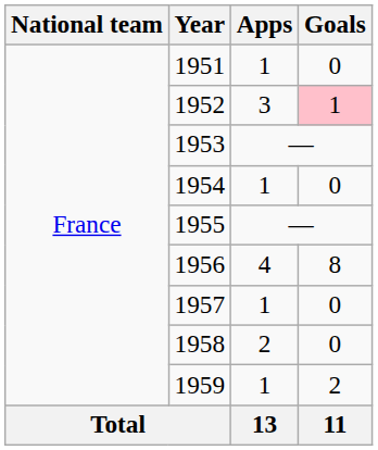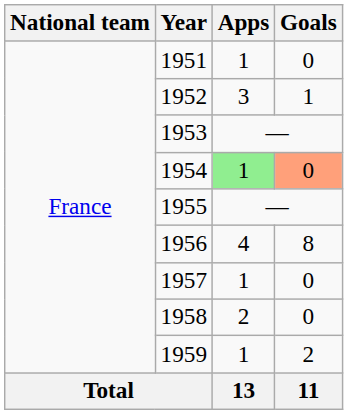 <table class="wikitable" style="text-align:center">
 <tr>
 <th>National team</th>
 <th>Year</th>
 <th>Apps</th>
 <th>Goals</th>
 </tr>
 <tr>
 <td rowspan="9"><a href='#'>France</a></td>
 <td>1951</td>
 <td>1</td>
 <td>0</td>
 </tr>
 <tr>
 <td>1952</td>
 <td>3</td>
-<td style="background: pink;">1</td>
+<td>1</td>
 </tr>
 <tr>
 <td>1953</td>
 <td colspan=2>—</td>
 </tr>
 <tr>
 <td>1954</td>
-<td>1</td>
-<td>0</td>
+<td style="background: lightgreen;">1</td>
+<td style="background: lightsalmon;">0</td>
 </tr>
 <tr>
 <td>1955</td>
 <td colspan=2>—</td>
 </tr>
 <tr>
 <td>1956</td>
 <td>4</td>
 <td>8</td>
 </tr>
 <tr>
 <td>1957</td>
 <td>1</td>
 <td>0</td>
 </tr>
 <tr>
 <td>1958</td>
 <td>2</td>
 <td>0</td>
 </tr>
 <tr>
 <td>1959</td>
 <td>1</td>
 <td>2</td>
 </tr>
 <tr>
 <th colspan="2">Total</th>
 <th>13</th>
 <th>11</th>
 </tr>
 </table>
